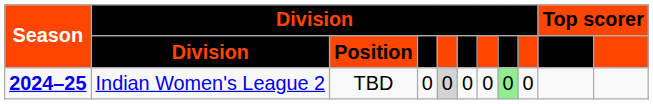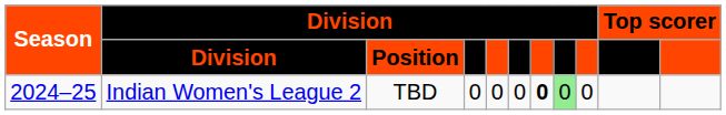 <table class="wikitable" style="text-align:center;border:1px solid #FF4500;">
 <tr>
 <th rowspan="2" scope="col" style="background:#FF4500; color:#FFFFFF;">Season</th>
 <th colspan="8" class="unsortable" style="background:#000000; color:#FF4500;">Division</th>
 <th colspan="2" class="unsortable" style="background:#FF4500; color:#000000;">Top scorer</th>
 </tr>
 <tr>
 <th style="background:#000000; color:#FF4500;">Division</th>
 <th style="background:#FF4500; color:#000000;">Position</th>
 <th style="background:#000000; color:#FF4500;"></th>
 <th style="background:#FF4500; color:#000000;"></th>
 <th style="background:#000000; color:#FF4500;"></th>
 <th style="background:#FF4500; color:#000000;"></th>
 <th style="background:#000000; color:#FF4500;"></th>
 <th style="background:#FF4500; color:#000000;"></th>
 <th style="background:#000000; color:#FF4500;"></th>
 <th style="background:#FF4500; color:#000000;"></th>
 </tr>
 <tr>
-<td><strong><a href='#'>2024–25</a></strong></td>
+<td><a href='#'>2024–25</a></td>
 <td rowspan="1"><a href='#'>Indian Women's League 2</a></td>
 <td>TBD</td>
 <td>0</td>
-<td style="background: lightgrey;">0</td>
 <td>0</td>
 <td>0</td>
+<td><strong>0</strong></td>
 <td style="background: lightgreen;">0</td>
 <td>0</td>
 <td></td>
 <td></td>
 </tr>
 </table>
